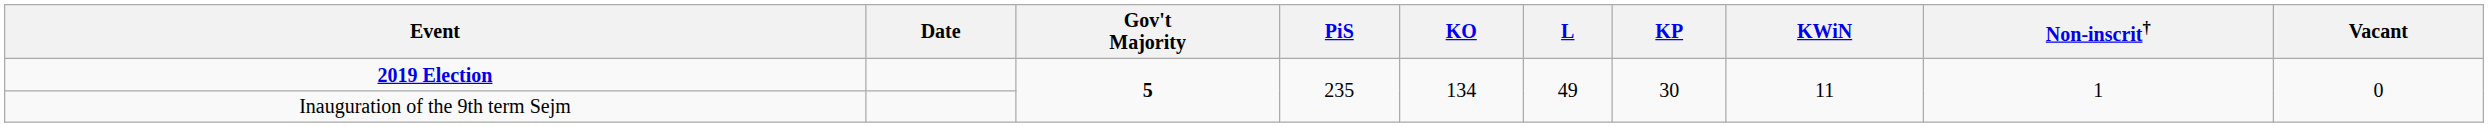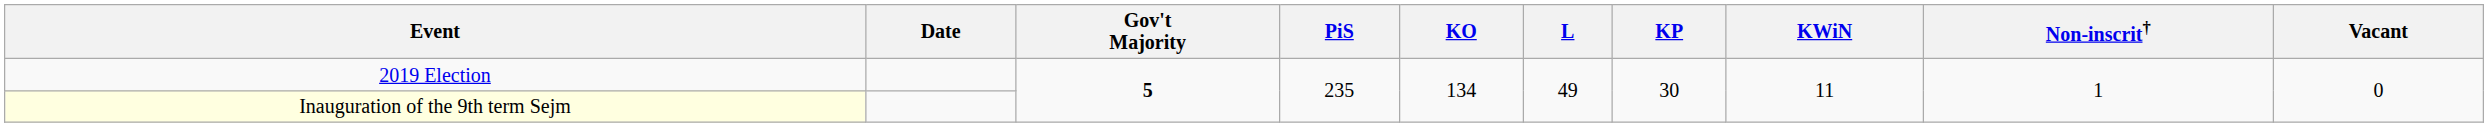 <table class="wikitable" style="text-align:center; width:100%">
 <tr>
 <th>Event</th>
 <th>Date</th>
 <th>Gov't<br>Majority</th>
 <th><a href='#'>PiS</a></th>
 <th><a href='#'>KO</a></th>
 <th><a href='#'>L</a></th>
 <th><a href='#'>KP</a></th>
 <th><a href='#'>KWiN</a></th>
 <th><a href='#'>Non-inscrit</a><sup>†</sup></th>
 <th>Vacant</th>
 </tr>
 <tr>
-<td><strong><a href='#'>2019 Election</a></strong></td>
+<td><a href='#'>2019 Election</a></td>
 <td></td>
 <td rowspan="2"><strong>5</strong></td>
 <td rowspan="2">235</td>
 <td rowspan="2">134</td>
 <td rowspan="2">49</td>
 <td rowspan="2">30</td>
 <td rowspan="2">11</td>
 <td rowspan="2">1</td>
 <td rowspan="2">0</td>
 </tr>
 <tr>
-<td>Inauguration of the 9th term Sejm</td>
+<td style="background: lightyellow;">Inauguration of the 9th term Sejm</td>
 <td></td>
 </tr>
 </table>
